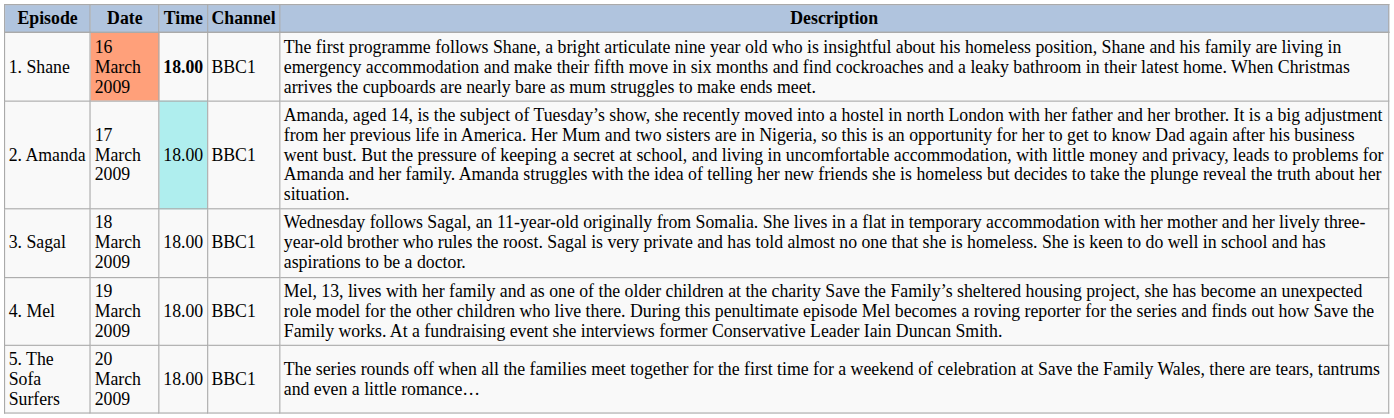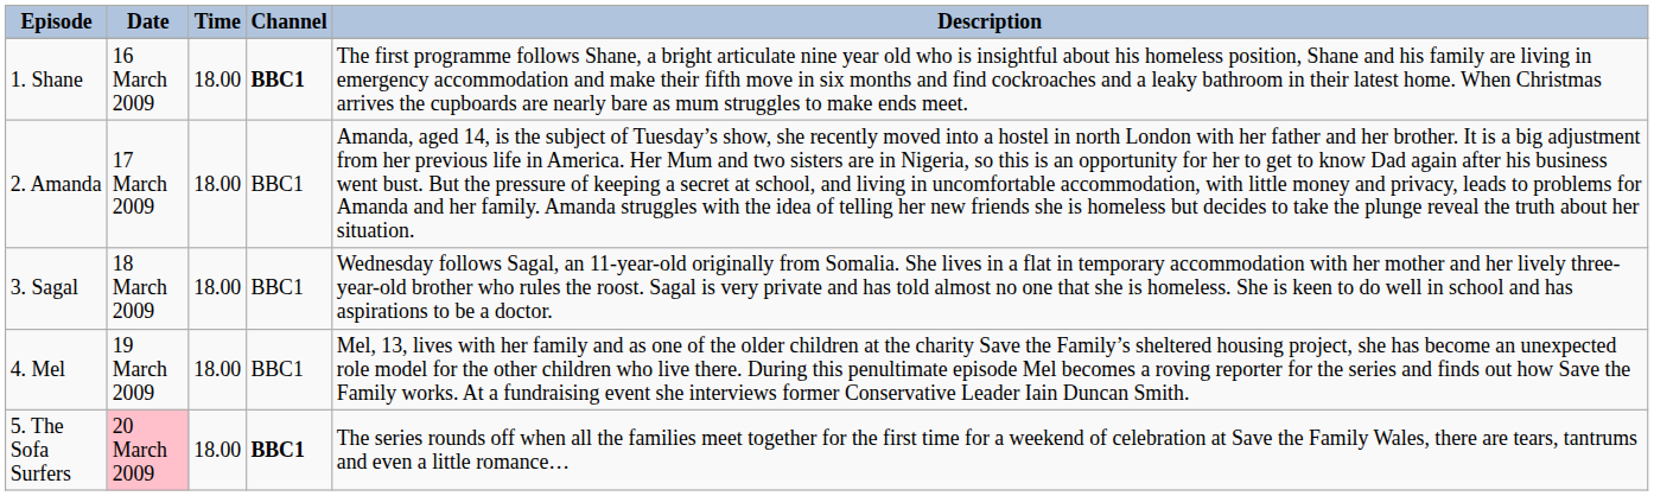 <table class="wikitable sortable">
 <tr>
 </tr>
 <tr>
 <th style="background:#B0C4DE;">Episode</th>
 <th style="background:#B0C4DE;">Date</th>
 <th style="background:#B0C4DE;">Time</th>
 <th style="background:#B0C4DE;">Channel</th>
 <th style="background:#B0C4DE;">Description</th>
 </tr>
 <tr>
 </tr>
 <tr>
 <td>1. Shane</td>
-<td style="background: lightsalmon;">16 March 2009</td>
-<td><strong>18.00</strong></td>
-<td>BBC1</td>
+<td>16 March 2009</td>
+<td>18.00</td>
+<td><strong>BBC1</strong></td>
 <td>The first programme follows Shane, a bright articulate nine year old who is insightful about his homeless position, Shane and his family are living in emergency accommodation and make their fifth move in six months and find cockroaches and a leaky bathroom in their latest home. When Christmas arrives the cupboards are nearly bare as mum struggles to make ends meet.</td>
 </tr>
 <tr>
 <td>2. Amanda</td>
 <td>17 March 2009</td>
-<td style="background: paleturquoise;">18.00</td>
+<td>18.00</td>
 <td>BBC1</td>
 <td>Amanda, aged 14, is the subject of Tuesday’s show, she recently moved into a hostel in north London with her father and her brother.  It is a big adjustment from her previous life in America. Her Mum and two sisters are in Nigeria, so this is an opportunity for her to get to know Dad again after his business went bust. But the pressure of keeping a secret at school, and living in uncomfortable accommodation, with little money and privacy, leads to problems for Amanda and her family. Amanda struggles with the idea of telling her new friends she is homeless but decides to take the plunge reveal the truth about her situation.</td>
 </tr>
 <tr>
 <td>3. Sagal</td>
 <td>18 March 2009</td>
 <td>18.00</td>
 <td>BBC1</td>
 <td>Wednesday follows Sagal, an 11-year-old originally from Somalia. She lives in a flat in temporary accommodation with her mother and her lively three-year-old brother who rules the roost.  Sagal is very private and has told almost no one that she is homeless. She is keen to do well in school and has aspirations to be a doctor.</td>
 </tr>
 <tr>
 <td>4. Mel</td>
 <td>19 March 2009</td>
 <td>18.00</td>
 <td>BBC1</td>
 <td>Mel, 13, lives with her family and as one of the older children at the charity Save the Family’s sheltered housing project, she has become an unexpected role model for the other children who live there. During this penultimate episode Mel becomes a roving reporter for the series and finds out how Save the Family works. At a fundraising event she interviews former Conservative Leader Iain Duncan Smith.</td>
 </tr>
 <tr>
 <td>5. The Sofa Surfers</td>
-<td>20 March 2009</td>
+<td style="background: pink;">20 March 2009</td>
 <td>18.00</td>
-<td>BBC1</td>
+<td><strong>BBC1</strong></td>
 <td>The series rounds off when all the families meet together for the first time for a weekend of celebration at Save the Family Wales, there are tears, tantrums and even a little romance…</td>
 </tr>
 </table>
